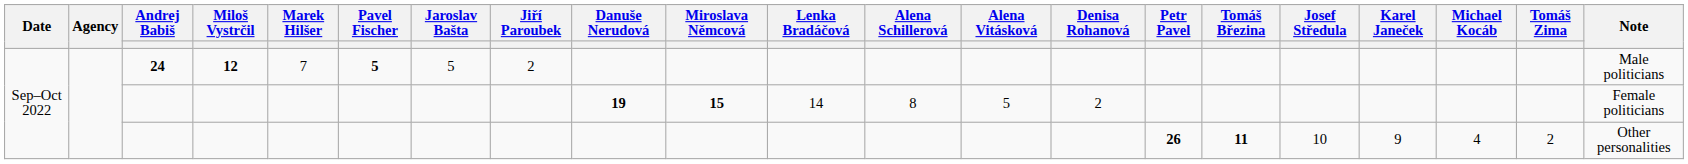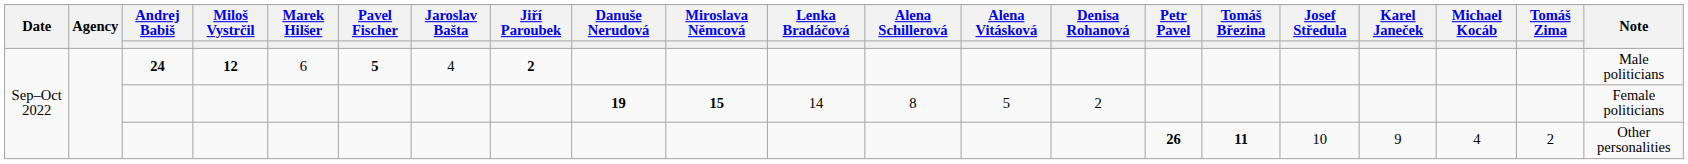 <table class="wikitable" style=text-align:center;font-size:85%;line-height:14px;">
 <tr>
 <th rowspan="2">Date</th>
 <th rowspan="2">Agency</th>
 <th><a href='#'>Andrej Babiš</a></th>
 <th><a href='#'>Miloš Vystrčil</a></th>
 <th><a href='#'>Marek Hilšer</a></th>
 <th><a href='#'>Pavel Fischer</a></th>
 <th><a href='#'>Jaroslav Bašta</a></th>
 <th><a href='#'>Jiří Paroubek</a></th>
 <th><a href='#'>Danuše Nerudová</a></th>
 <th><a href='#'>Miroslava Němcová</a></th>
 <th><a href='#'>Lenka Bradáčová</a></th>
 <th><a href='#'>Alena Schillerová</a></th>
 <th><a href='#'>Alena Vitásková</a></th>
 <th><a href='#'>Denisa Rohanová</a></th>
 <th><a href='#'>Petr Pavel</a></th>
 <th><a href='#'>Tomáš Březina</a></th>
 <th><a href='#'>Josef Středula</a></th>
 <th><a href='#'>Karel Janeček</a></th>
 <th><a href='#'>Michael Kocáb</a></th>
 <th><a href='#'>Tomáš Zima</a></th>
 <th rowspan="2">Note</th>
 </tr>
 <tr>
 <th style="background:"></th>
 <th style="background:"></th>
 <th style="background:"></th>
 <th style="background:"></th>
 <th style="background:"></th>
 <th style="background:"></th>
 <th style="background:"></th>
 <th style="background:"></th>
 <th style="background:"></th>
 <th style="background:"></th>
 <th style="background:"></th>
 <th style="background:"></th>
 <th style="background:"></th>
 <th style="background:"></th>
 <th style="background:"></th>
 <th style="background:"></th>
 <th style="background:"></th>
 <th style="background:"></th>
 </tr>
 <tr>
 <td rowspan="3">Sep–Oct 2022</td>
 <td rowspan="3"></td>
 <td><strong>24</strong></td>
 <td><strong>12</strong></td>
-<td>7</td>
+<td>6</td>
 <td><strong>5</strong></td>
-<td>5</td>
-<td>2</td>
+<td>4</td>
+<td><strong>2</strong></td>
 <td></td>
 <td></td>
 <td></td>
 <td></td>
 <td></td>
 <td></td>
 <td></td>
 <td></td>
 <td></td>
 <td></td>
 <td></td>
 <td></td>
 <td>Male politicians</td>
 </tr>
 <tr>
 <td></td>
 <td></td>
 <td></td>
 <td></td>
 <td></td>
 <td></td>
 <td><strong>19</strong></td>
 <td><strong>15</strong></td>
 <td>14</td>
 <td>8</td>
 <td>5</td>
 <td>2</td>
 <td></td>
 <td></td>
 <td></td>
 <td></td>
 <td></td>
 <td></td>
 <td>Female politicians</td>
 </tr>
 <tr>
 <td></td>
 <td></td>
 <td></td>
 <td></td>
 <td></td>
 <td></td>
 <td></td>
 <td></td>
 <td></td>
 <td></td>
 <td></td>
 <td></td>
 <td><strong>26</strong></td>
 <td><strong>11</strong></td>
 <td>10</td>
 <td>9</td>
 <td>4</td>
 <td>2</td>
 <td>Other personalities</td>
 </tr>
 </table>
